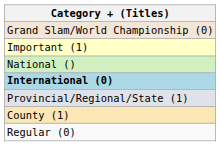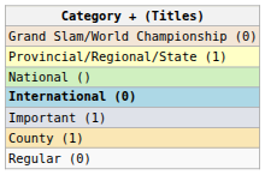 <table class="wikitable" style="display:inline-table;">
 <tr style="background:#ffc;">
 <th>Category + (Titles)</th>
 </tr>
 <tr style="background:#f3e6d7">
 <td>Grand Slam/World Championship (0)</td>
 </tr>
 <tr style="background:#ffffc6;">
-<td>Important (1)</td>
+<td>Provincial/Regional/State (1)</td>
 </tr>
 <tr style="background:#d0f0c0">
 <td>National ()</td>
 </tr>
 <tr style="background:#add8e6">
 <td><strong>International (0)</strong></td>
 </tr>
 <tr style="background:#dfe2e9">
-<td>Provincial/Regional/State (1)</td>
+<td>Important (1)</td>
 </tr>
 <tr style="background:#fae7b5">
 <td>County (1)</td>
 </tr>
 <tr>
 <td>Regular (0)</td>
 </tr>
 </table>
